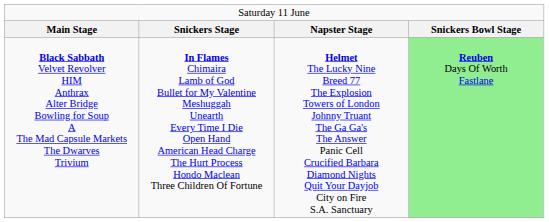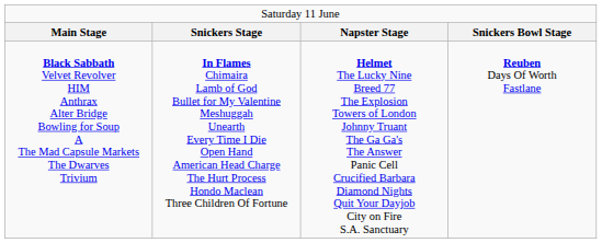 <table class="wikitable">
 <tr>
 <td colspan="4" style="text-align:center;">Saturday 11 June</td>
 </tr>
 <tr>
 <th>Main Stage</th>
 <th>Snickers Stage</th>
 <th>Napster Stage</th>
 <th>Snickers Bowl Stage</th>
 </tr>
 <tr>
 <td style="text-align:center; vertical-align:top; width:200px;"><br><strong><a href='#'>Black Sabbath</a></strong> <br><a href='#'>Velvet Revolver</a> <br><a href='#'>HIM</a> <br><a href='#'>Anthrax</a> <br><a href='#'>Alter Bridge</a> <br><a href='#'>Bowling for Soup</a> <br><a href='#'>A</a> <br><a href='#'>The Mad Capsule Markets</a> <br><a href='#'>The Dwarves</a> <br><a href='#'>Trivium</a></td>
 <td style="text-align:center; vertical-align:top; width:200px;"><br><strong><a href='#'>In Flames</a></strong> <br><a href='#'>Chimaira</a> <br><a href='#'>Lamb of God</a> <br><a href='#'>Bullet for My Valentine</a> <br><a href='#'>Meshuggah</a> <br><a href='#'>Unearth</a> <br><a href='#'>Every Time I Die</a> <br><a href='#'>Open Hand</a> <br><a href='#'>American Head Charge</a> <br><a href='#'>The Hurt Process</a> <br><a href='#'>Hondo Maclean</a> <br>Three Children Of Fortune</td>
 <td style="text-align:center; vertical-align:top; width:200px;"><br><strong><a href='#'>Helmet</a></strong> <br><a href='#'>The Lucky Nine</a> <br><a href='#'>Breed 77</a> <br><a href='#'>The Explosion</a> <br><a href='#'>Towers of London</a> <br><a href='#'>Johnny Truant</a> <br><a href='#'>The Ga Ga's</a> <br><a href='#'>The Answer</a> <br>Panic Cell <br><a href='#'>Crucified Barbara</a> <br><a href='#'>Diamond Nights</a> <br><a href='#'>Quit Your Dayjob</a> <br>City on Fire <br>S.A. Sanctuary</td>
-<td style="background: lightgreen; text-align:center; vertical-align:top; width:200px;"><br><strong><a href='#'>Reuben</a></strong> <br>Days Of Worth <br><a href='#'>Fastlane</a></td>
+<td style="text-align:center; vertical-align:top; width:200px;"><br><strong><a href='#'>Reuben</a></strong> <br>Days Of Worth <br><a href='#'>Fastlane</a></td>
 </tr>
 </table>
